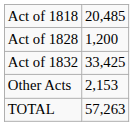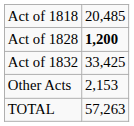 <table class="wikitable">
 <tr>
 <td>Act of 1818</td>
 <td>20,485</td>
 </tr>
 <tr>
 <td>Act of 1828</td>
-<td>1,200</td>
+<td><strong>1,200</strong></td>
 </tr>
 <tr>
 <td>Act of 1832</td>
 <td>33,425</td>
 </tr>
 <tr>
 <td>Other Acts</td>
 <td>2,153</td>
 </tr>
 <tr>
 <td>TOTAL</td>
 <td>57,263</td>
 </tr>
 </table>
